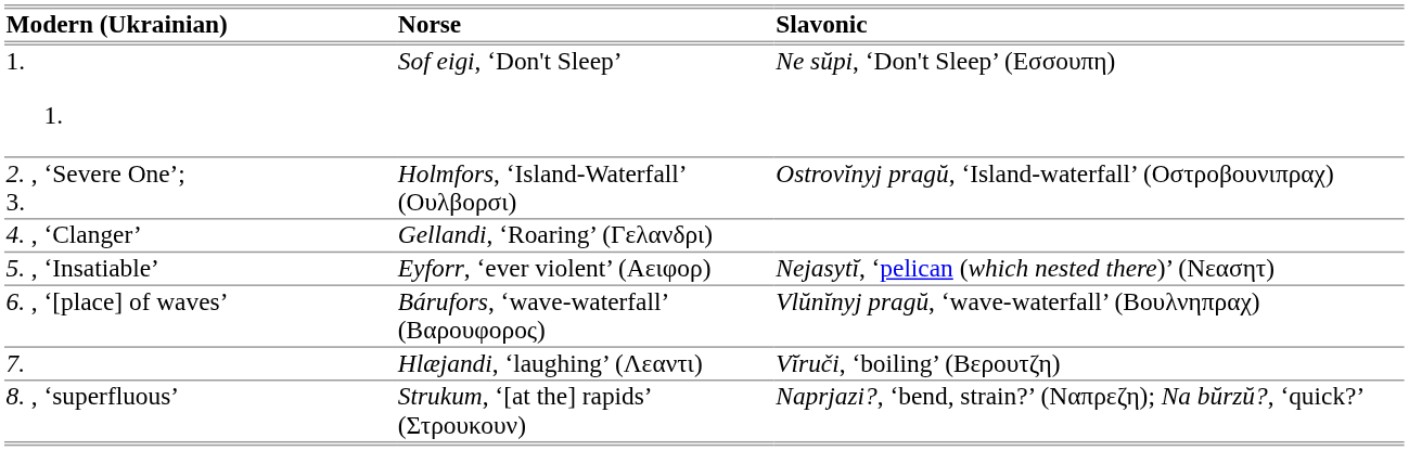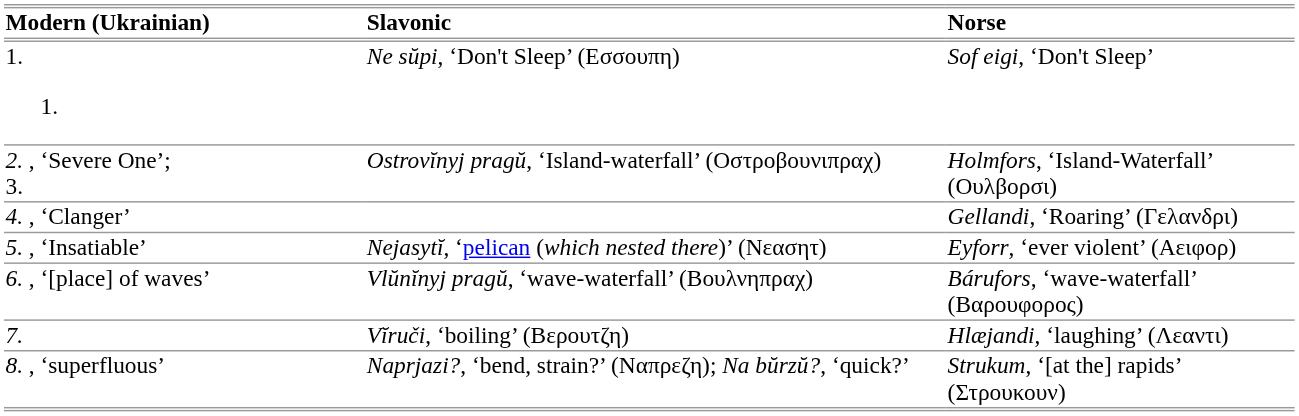 <table cellspacing="4" border=0 style="border:0 none transparent; border-top:3px double #999; border-bottom:3px double #999; border-collapse:collapse;">
 <tr style="border-bottom:3px double #999;">
 <th style="text-align:left; width:28%;">Modern (Ukrainian)</th>
+<th style="text-align:left; width:45%;">Slavonic</th>
 <th style="text-align:left;">Norse</th>
-<th style="text-align:left; width:45%;">Slavonic</th>
 </tr>
 <tr style="vertical-align:top; border-bottom:1px solid #999;">
 <td>1.<br><ol><li></li></ol></td>
+<td><em>Ne sŭpi</em>, ‘Don't Sleep’ (Εσσουπη)</td>
 <td><em>Sof eigi</em>, ‘Don't Sleep’</td>
-<td><em>Ne sŭpi</em>, ‘Don't Sleep’ (Εσσουπη)</td>
 </tr>
 <tr style="vertical-align:top; border-bottom:1px solid #999;">
 <td><em>2. </em>, ‘Severe One’;<br>3. <em></em></td>
+<td><em>Ostrovĭnyj pragŭ</em>, ‘Island-waterfall’ (Οστροβουνιπραχ)</td>
 <td><em>Holmfors</em>, ‘Island-Waterfall’ (Ουλβορσι)</td>
-<td><em>Ostrovĭnyj pragŭ</em>, ‘Island-waterfall’ (Οστροβουνιπραχ)</td>
 </tr>
 <tr style="vertical-align:top; border-bottom:1px solid #999;">
 <td><em>4. </em>, ‘Clanger’</td>
+<td></td>
 <td><em>Gellandi</em>, ‘Roaring’ (Γελανδρι)</td>
-<td></td>
 </tr>
 <tr style="vertical-align:top; border-bottom:1px solid #999;">
 <td><em>5. </em>, ‘Insatiable’</td>
+<td><em>Nejasytĭ</em>, ‘<a href='#'>pelican</a> (<em>which nested there</em>)’ (Νεασητ)</td>
 <td><em>Eyforr</em>, ‘ever violent’ (Αειφορ)</td>
-<td><em>Nejasytĭ</em>, ‘<a href='#'>pelican</a> (<em>which nested there</em>)’ (Νεασητ)</td>
 </tr>
 <tr style="vertical-align:top; border-bottom:1px solid #999;">
 <td><em>6. </em>, ‘[place] of waves’</td>
+<td><em>Vlŭnĭnyj pragŭ</em>, ‘wave-waterfall’ (Βουλνηπραχ)</td>
 <td><em>Bárufors</em>, ‘wave-waterfall’ (Βαρουφορος)</td>
-<td><em>Vlŭnĭnyj pragŭ</em>, ‘wave-waterfall’ (Βουλνηπραχ)</td>
 </tr>
 <tr style="vertical-align:top; border-bottom:1px solid #999;">
 <td><em>7. </em></td>
+<td><em>Vĭruči</em>, ‘boiling’ (Βερουτζη)</td>
 <td><em>Hlæjandi</em>, ‘laughing’ (Λεαντι)</td>
-<td><em>Vĭruči</em>, ‘boiling’ (Βερουτζη)</td>
 </tr>
 <tr style="vertical-align:top;">
 <td><em>8. </em>, ‘superfluous’</td>
+<td><em>Naprjazi?</em>, ‘bend, strain?’ (Ναπρεζη); <em>Na bŭrzŭ?</em>, ‘quick?’</td>
 <td><em>Strukum</em>, ‘[at the] rapids’ (Στρουκουν)</td>
-<td><em>Naprjazi?</em>, ‘bend, strain?’ (Ναπρεζη); <em>Na bŭrzŭ?</em>, ‘quick?’</td>
 </tr>
 </table>
